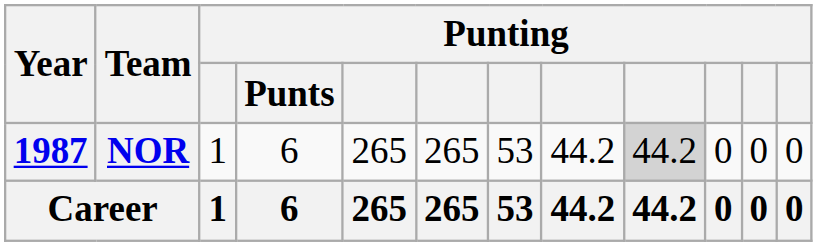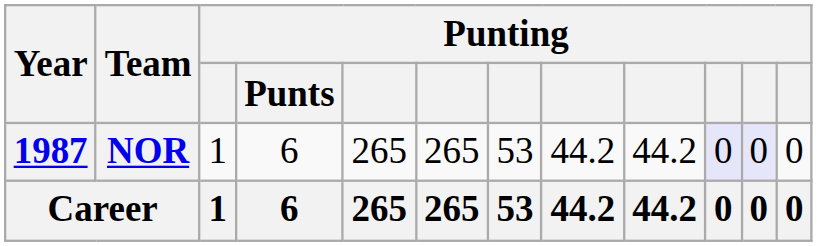 <table class=wikitable style="text-align:center;">
 <tr>
 <th rowspan="2">Year</th>
 <th rowspan="2">Team</th>
 <th colspan="10">Punting</th>
 </tr>
 <tr>
 <th></th>
 <th>Punts</th>
 <th></th>
 <th></th>
 <th></th>
 <th></th>
 <th></th>
 <th></th>
 <th></th>
 <th></th>
 </tr>
 <tr>
 <th><a href='#'>1987</a></th>
 <th><a href='#'>NOR</a></th>
 <td>1</td>
 <td>6</td>
 <td>265</td>
 <td>265</td>
 <td>53</td>
 <td>44.2</td>
-<td style="background: lightgrey;">44.2</td>
-<td>0</td>
-<td>0</td>
+<td>44.2</td>
+<td style="background: lavender;">0</td>
+<td style="background: lavender;">0</td>
 <td>0</td>
 </tr>
 <tr>
 <th colspan="2">Career</th>
 <th>1</th>
 <th>6</th>
 <th>265</th>
 <th>265</th>
 <th>53</th>
 <th>44.2</th>
 <th>44.2</th>
 <th>0</th>
 <th>0</th>
 <th>0</th>
 </tr>
 </table>
